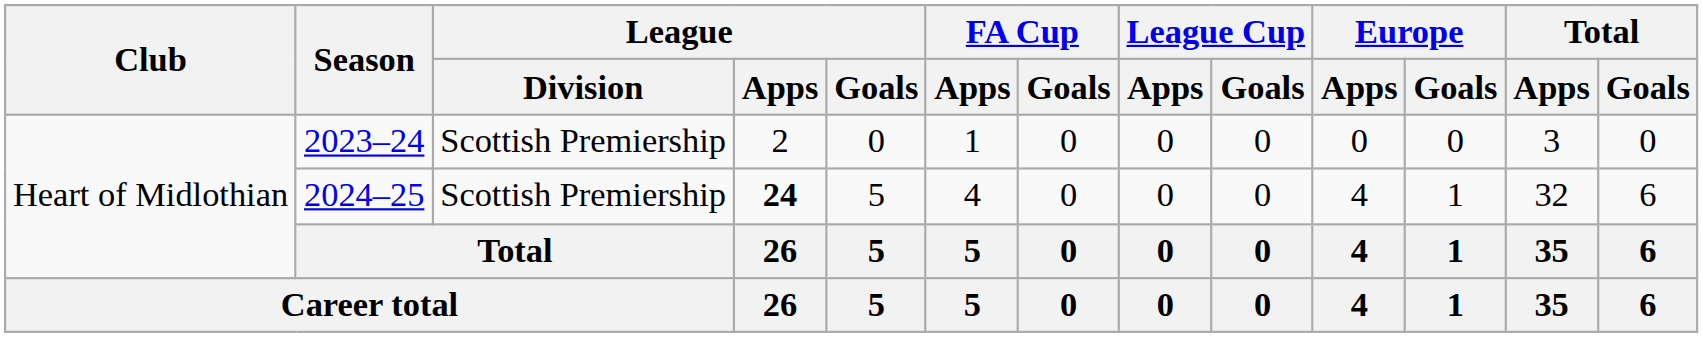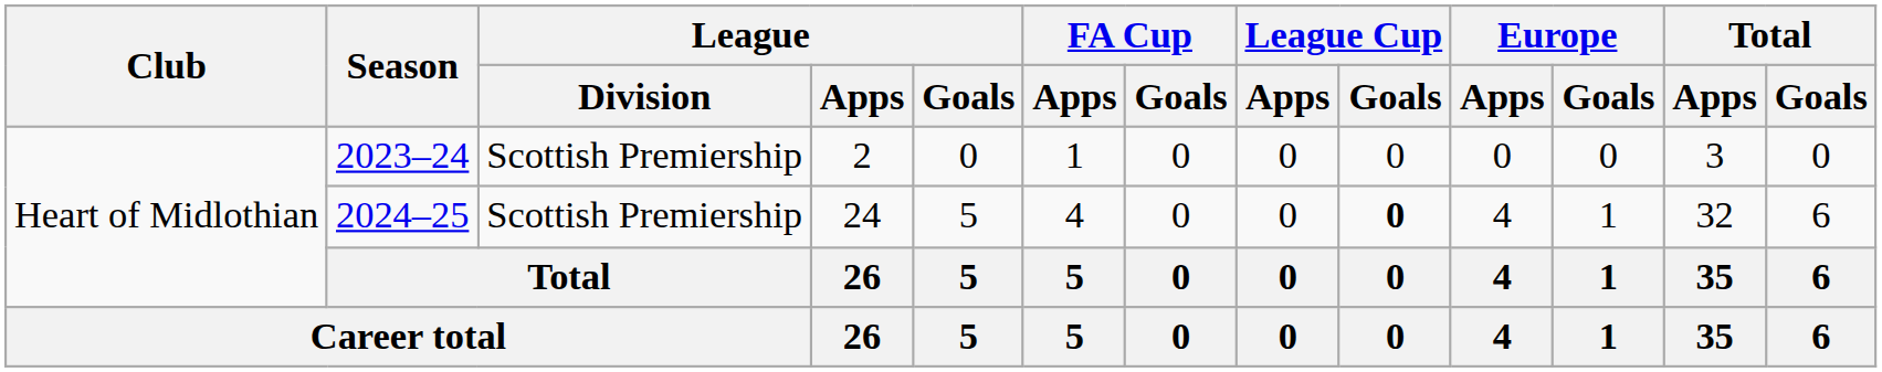 <table class="wikitable" style="text-align: center">
 <tr>
 <th rowspan="2">Club</th>
 <th rowspan="2">Season</th>
 <th colspan="3">League</th>
 <th colspan="2"><a href='#'>FA Cup</a></th>
 <th colspan="2"><a href='#'>League Cup</a></th>
 <th colspan="2"><a href='#'>Europe</a></th>
 <th colspan="2">Total</th>
 </tr>
 <tr>
 <th>Division</th>
 <th>Apps</th>
 <th>Goals</th>
 <th>Apps</th>
 <th>Goals</th>
 <th>Apps</th>
 <th>Goals</th>
 <th>Apps</th>
 <th>Goals</th>
 <th>Apps</th>
 <th>Goals</th>
 </tr>
 <tr>
 <td rowspan="3">Heart of Midlothian</td>
 <td><a href='#'>2023–24</a></td>
 <td>Scottish Premiership</td>
 <td>2</td>
 <td>0</td>
 <td>1</td>
 <td>0</td>
 <td>0</td>
 <td>0</td>
 <td>0</td>
 <td>0</td>
 <td>3</td>
 <td>0</td>
 </tr>
 <tr>
 <td><a href='#'>2024–25</a></td>
 <td>Scottish Premiership</td>
-<td><strong>24</strong></td>
+<td>24</td>
 <td>5</td>
 <td>4</td>
 <td>0</td>
 <td>0</td>
-<td>0</td>
+<td><strong>0</strong></td>
 <td>4</td>
 <td>1</td>
 <td>32</td>
 <td>6</td>
 </tr>
 <tr>
 <th colspan="2">Total</th>
 <th>26</th>
 <th>5</th>
 <th>5</th>
 <th>0</th>
 <th>0</th>
 <th>0</th>
 <th>4</th>
 <th>1</th>
 <th>35</th>
 <th>6</th>
 </tr>
 <tr>
 <th colspan="3">Career total</th>
 <th>26</th>
 <th>5</th>
 <th>5</th>
 <th>0</th>
 <th>0</th>
 <th>0</th>
 <th>4</th>
 <th>1</th>
 <th>35</th>
 <th>6</th>
 </tr>
 </table>
